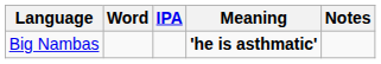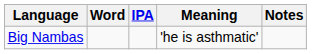 <table class="wikitable">
 <tr>
 <th colspan=2>Language</th>
 <th>Word</th>
 <th><a href='#'>IPA</a></th>
 <th>Meaning</th>
 <th>Notes</th>
 </tr>
 <tr>
 <td colspan=2><a href='#'>Big Nambas</a></td>
 <td></td>
 <td></td>
-<td><strong>'he is asthmatic'</strong></td>
+<td>'he is asthmatic'</td>
 <td align="left"></td>
 </tr>
 </table>
